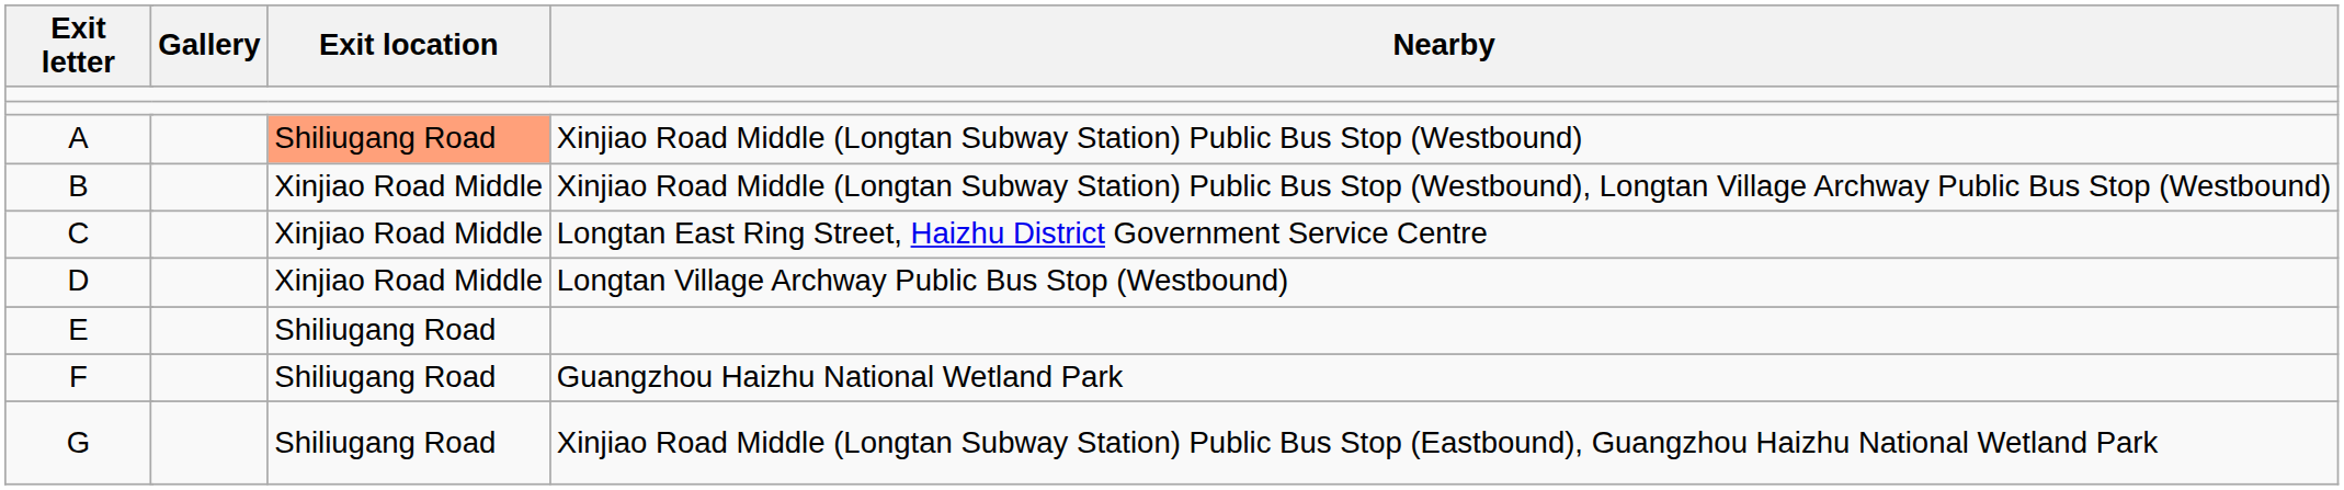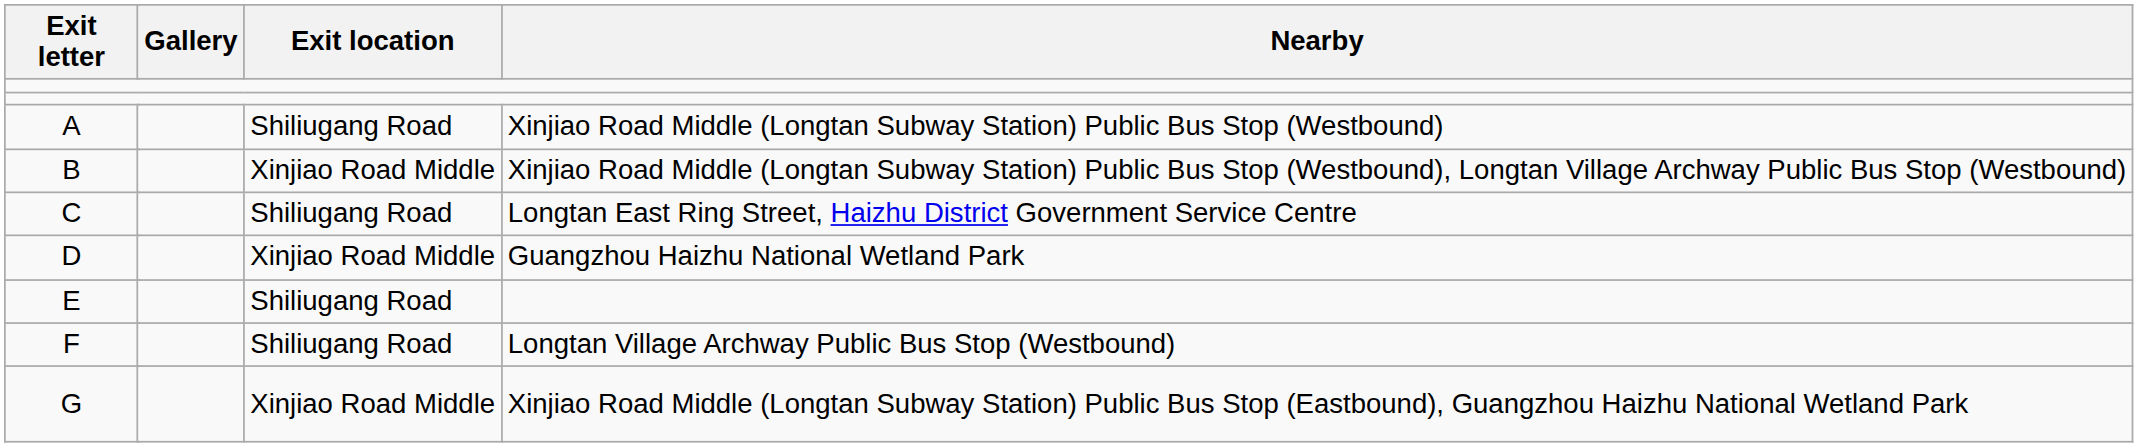 <table class="wikitable">
 <tr>
 <th style="width:70px" colspan="3">Exit letter</th>
 <th>Gallery</th>
 <th>Exit location</th>
 <th>Nearby</th>
 </tr>
 <tr style="background:#">
 <td colspan = "6"></td>
 </tr>
 <tr style="background:#">
 <td colspan = "6"></td>
 </tr>
 <tr>
 <td align="center" colspan="3">A</td>
 <td></td>
-<td style="background: lightsalmon;">Shiliugang Road</td>
+<td>Shiliugang Road</td>
 <td>Xinjiao Road Middle (Longtan Subway Station) Public Bus Stop (Westbound)</td>
 </tr>
 <tr>
 <td align="center" colspan="3">B</td>
 <td></td>
 <td>Xinjiao Road Middle</td>
 <td>Xinjiao Road Middle (Longtan Subway Station) Public Bus Stop (Westbound), Longtan Village Archway Public Bus Stop (Westbound)</td>
 </tr>
 <tr>
 <td align="center" colspan="3">C</td>
 <td></td>
-<td>Xinjiao Road Middle</td>
+<td>Shiliugang Road</td>
 <td>Longtan East Ring Street, <a href='#'>Haizhu District</a> Government Service Centre</td>
 </tr>
 <tr>
 <td align="center" colspan="3">D</td>
 <td></td>
 <td>Xinjiao Road Middle</td>
-<td>Longtan Village Archway Public Bus Stop (Westbound)</td>
+<td>Guangzhou Haizhu National Wetland Park</td>
 </tr>
 <tr>
 <td align="center" colspan="3">E</td>
 <td></td>
 <td>Shiliugang Road</td>
 <td></td>
 </tr>
 <tr>
 <td align="center" colspan="3">F</td>
 <td></td>
 <td>Shiliugang Road</td>
-<td>Guangzhou Haizhu National Wetland Park</td>
+<td>Longtan Village Archway Public Bus Stop (Westbound)</td>
 </tr>
 <tr>
 <td align="center" colspan="3">G</td>
 <td><br><br></td>
-<td>Shiliugang Road</td>
+<td>Xinjiao Road Middle</td>
 <td>Xinjiao Road Middle (Longtan Subway Station) Public Bus Stop (Eastbound), Guangzhou Haizhu National Wetland Park</td>
 </tr>
 </table>
